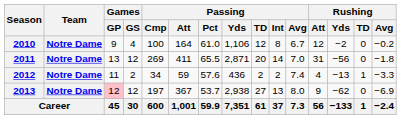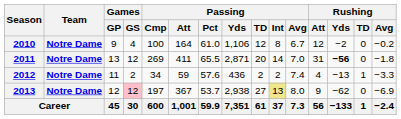 <table class="wikitable" style="text-align: center;">
 <tr>
 <th rowspan="2">Season</th>
 <th rowspan="2">Team</th>
 <th colspan="2">Games</th>
 <th colspan="7">Passing</th>
 <th colspan="4">Rushing</th>
 </tr>
 <tr>
 <th>GP</th>
 <th>GS</th>
 <th>Cmp</th>
 <th>Att</th>
 <th>Pct</th>
 <th>Yds</th>
 <th>TD</th>
 <th>Int</th>
 <th>Avg</th>
 <th>Att</th>
 <th>Yds</th>
 <th>TD</th>
 <th>Avg</th>
 </tr>
 <tr>
 <th><a href='#'>2010</a></th>
 <th><a href='#'>Notre Dame</a></th>
 <td>9</td>
 <td>4</td>
 <td>100</td>
 <td>164</td>
 <td>61.0</td>
 <td>1,106</td>
 <td>12</td>
 <td>8</td>
 <td>6.7</td>
 <td>12</td>
 <td>−2</td>
 <td>0</td>
 <td>−0.2</td>
 </tr>
 <tr>
 <th><a href='#'>2011</a></th>
 <th><a href='#'>Notre Dame</a></th>
 <td>13</td>
 <td>12</td>
 <td>269</td>
 <td>411</td>
 <td>65.5</td>
 <td>2,871</td>
 <td>20</td>
 <td>14</td>
 <td>7.0</td>
 <td>31</td>
-<td>−56</td>
+<td><strong>−56</strong></td>
 <td>0</td>
 <td>−1.8</td>
 </tr>
 <tr>
 <th><a href='#'>2012</a></th>
 <th><a href='#'>Notre Dame</a></th>
 <td>11</td>
 <td>2</td>
 <td>34</td>
 <td>59</td>
 <td>57.6</td>
 <td>436</td>
 <td>2</td>
 <td>2</td>
 <td>7.4</td>
 <td>4</td>
 <td>−13</td>
 <td>1</td>
 <td>−3.3</td>
 </tr>
 <tr>
 <th><a href='#'>2013</a></th>
 <th><a href='#'>Notre Dame</a></th>
+<td>12</td>
 <td style="background: pink;">12</td>
-<td>12</td>
 <td>197</td>
 <td>367</td>
 <td>53.7</td>
 <td>2,938</td>
 <td>27</td>
-<td>13</td>
+<td style="background: khaki;">13</td>
 <td>8.0</td>
 <td>9</td>
 <td>−62</td>
 <td>0</td>
 <td>−6.9</td>
 </tr>
 <tr>
 <th colspan="2">Career</th>
 <th>45</th>
 <th>30</th>
 <th>600</th>
 <th>1,001</th>
 <th>59.9</th>
 <th>7,351</th>
 <th>61</th>
 <th>37</th>
 <th>7.3</th>
 <th>56</th>
 <th>−133</th>
 <th>1</th>
 <th>−2.4</th>
 </tr>
 </table>
